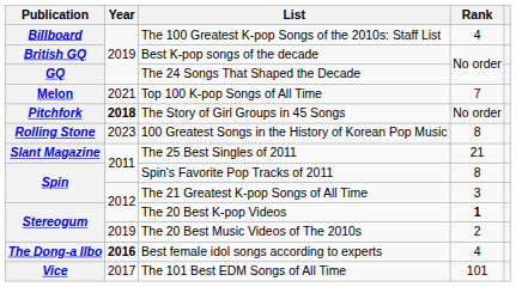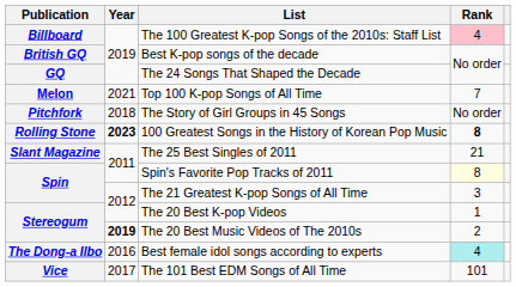 <table class="sortable wikitable plainrowheaders">
 <tr>
 <th>Publication</th>
 <th>Year</th>
 <th>List</th>
 <th>Rank</th>
 <th class="unsortable"></th>
 </tr>
 <tr>
 <th scope="row"><em><a href='#'>Billboard</a></em></th>
 <td align="center" rowspan="3">2019</td>
 <td>The 100 Greatest K-pop Songs of the 2010s: Staff List</td>
-<td align="center">4</td>
+<td align="center" style="background: pink;">4</td>
 <td align="center"></td>
 </tr>
 <tr>
 <th scope="row"><em><a href='#'>British GQ</a></em></th>
 <td>Best K-pop songs of the decade</td>
 <td rowspan="2" align="center">No order</td>
 <td align="center"></td>
 </tr>
 <tr>
 <th scope="row"><em><a href='#'>GQ</a></em></th>
 <td>The 24 Songs That Shaped the Decade</td>
 <td align="center"></td>
 </tr>
 <tr>
 <th scope="row"><a href='#'>Melon</a></th>
 <td align="center">2021</td>
 <td>Top 100 K-pop Songs of All Time</td>
 <td align="center">7</td>
 <td align="center"></td>
 </tr>
 <tr>
 <th scope="row"><em><a href='#'>Pitchfork</a></em></th>
-<td align="center"><strong>2018</strong></td>
+<td align="center">2018</td>
 <td>The Story of Girl Groups in 45 Songs</td>
 <td align="center">No order</td>
 <td align="center"></td>
 </tr>
 <tr>
 <th scope="row"><em><a href='#'>Rolling Stone</a></em></th>
-<td align="center">2023</td>
+<td align="center"><strong>2023</strong></td>
 <td>100 Greatest Songs in the History of Korean Pop Music</td>
-<td align="center">8</td>
+<td align="center"><strong>8</strong></td>
 <td align="center"></td>
 </tr>
 <tr>
 <th scope="row"><em><a href='#'>Slant Magazine</a></em></th>
 <td align="center" rowspan="2">2011</td>
 <td>The 25 Best Singles of 2011</td>
 <td align="center">21</td>
 <td align="center"></td>
 </tr>
 <tr>
 <th scope="row" rowspan="2"><a href='#'><em>Spin</em></a></th>
 <td>Spin's Favorite Pop Tracks of 2011</td>
-<td align="center">8</td>
+<td align="center" style="background: lightyellow;">8</td>
 <td align="center"></td>
 </tr>
 <tr>
 <td align="center" rowspan="2">2012</td>
 <td>The 21 Greatest K-pop Songs of All Time</td>
 <td align="center">3</td>
 <td align="center"></td>
 </tr>
 <tr>
 <th scope="row" rowspan="2"><em><a href='#'>Stereogum</a></em></th>
 <td>The 20 Best K-pop Videos</td>
-<td align="center"><strong>1</strong></td>
+<td align="center">1</td>
 <td align="center"></td>
 </tr>
 <tr>
-<td align="center">2019</td>
+<td align="center"><strong>2019</strong></td>
 <td>The 20 Best Music Videos of The 2010s</td>
 <td align="center">2</td>
 <td align="center"></td>
 </tr>
 <tr>
 <th scope="row"><em><a href='#'>The Dong-a Ilbo</a></em></th>
-<td align="center"><strong>2016</strong></td>
+<td align="center">2016</td>
 <td>Best female idol songs according to experts</td>
-<td align="center">4</td>
+<td align="center" style="background: paleturquoise;">4</td>
 <td align="center"></td>
 </tr>
 <tr>
 <th scope="row"><em><a href='#'>Vice</a></em></th>
 <td align="center">2017</td>
 <td>The 101 Best EDM Songs of All Time</td>
 <td align="center">101</td>
 <td align="center"></td>
 </tr>
 </table>
